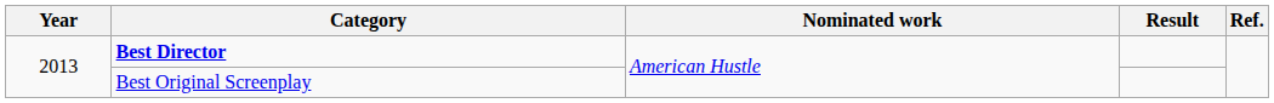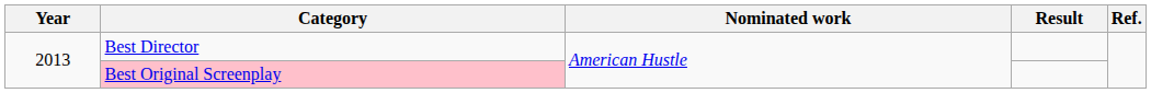 <table class=wikitable>
 <tr>
 <th scope="col" style="width:5em;">Year</th>
 <th scope="col" style="width:26em;">Category</th>
 <th scope="col" style="width:25em;">Nominated work</th>
 <th scope="col" style="width:5em;">Result</th>
 <th>Ref.</th>
 </tr>
 <tr>
 <td style="text-align:center;", rowspan=2>2013</td>
-<td><strong><a href='#'>Best Director</a></strong></td>
+<td><a href='#'>Best Director</a></td>
 <td rowspan=2><em><a href='#'>American Hustle</a></em></td>
 <td></td>
 <td rowspan=2></td>
 </tr>
 <tr>
-<td><a href='#'>Best Original Screenplay</a></td>
+<td style="background: pink;"><a href='#'>Best Original Screenplay</a></td>
 <td></td>
 </tr>
 <tr>
 </tr>
 </table>
